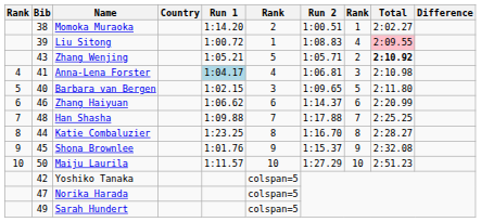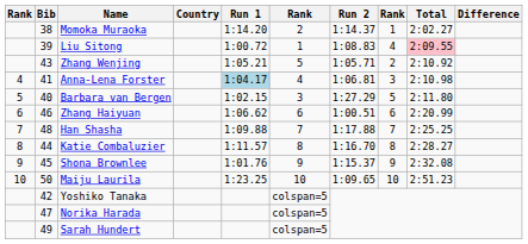 <table class="wikitable sortable" style="text-align:center">
 <tr>
 <th>Rank</th>
 <th>Bib</th>
 <th>Name</th>
 <th>Country</th>
 <th>Run 1</th>
 <th>Rank</th>
 <th>Run 2</th>
 <th>Rank</th>
 <th>Total</th>
 <th>Difference</th>
 </tr>
 <tr>
 <td></td>
 <td>38</td>
 <td align="left"><a href='#'>Momoka Muraoka</a></td>
 <td align="left"></td>
 <td>1:14.20</td>
 <td>2</td>
-<td>1:00.51</td>
+<td>1:14.37</td>
 <td>1</td>
 <td>2:02.27</td>
 <td></td>
 </tr>
 <tr>
 <td></td>
 <td>39</td>
 <td align="left"><a href='#'>Liu Sitong</a></td>
 <td align="left"></td>
 <td>1:00.72</td>
 <td>1</td>
 <td>1:08.83</td>
 <td>4</td>
 <td style="background: pink;">2:09.55</td>
 <td></td>
 </tr>
 <tr>
 <td></td>
 <td>43</td>
 <td align="left"><a href='#'>Zhang Wenjing</a></td>
 <td align="left"></td>
 <td>1:05.21</td>
 <td>5</td>
 <td>1:05.71</td>
 <td>2</td>
-<td><strong>2:10.92</strong></td>
+<td>2:10.92</td>
 <td></td>
 </tr>
 <tr>
 <td>4</td>
 <td>41</td>
 <td align="left"><a href='#'>Anna-Lena Forster</a></td>
 <td align="left"></td>
 <td style="background: lightblue;">1:04.17</td>
 <td>4</td>
 <td>1:06.81</td>
 <td>3</td>
 <td>2:10.98</td>
 <td></td>
 </tr>
 <tr>
 <td>5</td>
 <td>40</td>
 <td align="left"><a href='#'>Barbara van Bergen</a></td>
 <td align="left"></td>
 <td>1:02.15</td>
 <td>3</td>
-<td>1:09.65</td>
+<td>1:27.29</td>
 <td>5</td>
 <td>2:11.80</td>
 <td></td>
 </tr>
 <tr>
 <td>6</td>
 <td>46</td>
 <td align="left"><a href='#'>Zhang Haiyuan</a></td>
 <td align="left"></td>
 <td>1:06.62</td>
 <td>6</td>
-<td>1:14.37</td>
+<td>1:00.51</td>
 <td>6</td>
 <td>2:20.99</td>
 <td></td>
 </tr>
 <tr>
 <td>7</td>
 <td>48</td>
 <td align="left"><a href='#'>Han Shasha</a></td>
 <td align="left"></td>
 <td>1:09.88</td>
 <td>7</td>
 <td>1:17.88</td>
 <td>7</td>
 <td>2:25.25</td>
 <td></td>
 </tr>
 <tr>
 <td>8</td>
 <td>44</td>
 <td align="left"><a href='#'>Katie Combaluzier</a></td>
 <td align="left"></td>
-<td>1:23.25</td>
+<td>1:11.57</td>
 <td>8</td>
 <td>1:16.70</td>
 <td>8</td>
 <td>2:28.27</td>
 <td></td>
 </tr>
 <tr>
 <td>9</td>
 <td>45</td>
 <td align="left"><a href='#'>Shona Brownlee</a></td>
 <td align="left"></td>
 <td>1:01.76</td>
 <td>9</td>
 <td>1:15.37</td>
 <td>9</td>
 <td>2:32.08</td>
 <td></td>
 </tr>
 <tr>
 <td>10</td>
 <td>50</td>
 <td align="left"><a href='#'>Maiju Laurila</a></td>
 <td align="left"></td>
-<td>1:11.57</td>
+<td>1:23.25</td>
 <td>10</td>
-<td>1:27.29</td>
+<td>1:09.65</td>
 <td>10</td>
 <td>2:51.23</td>
 <td></td>
 </tr>
 <tr>
 <td></td>
 <td>42</td>
 <td align="left">Yoshiko Tanaka</td>
 <td align="left"></td>
 <td></td>
 <td>colspan=5 </td>
 </tr>
 <tr>
 <td></td>
 <td>47</td>
 <td align="left"><a href='#'>Norika Harada</a></td>
 <td align="left"></td>
 <td></td>
 <td>colspan=5 </td>
 </tr>
 <tr>
 <td></td>
 <td>49</td>
 <td align="left"><a href='#'>Sarah Hundert</a></td>
 <td align="left"></td>
 <td></td>
 <td>colspan=5 </td>
 </tr>
 </table>
